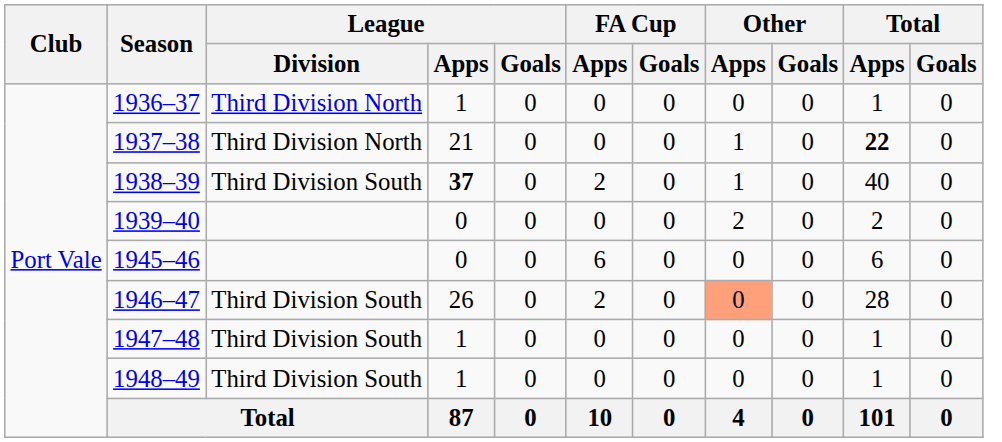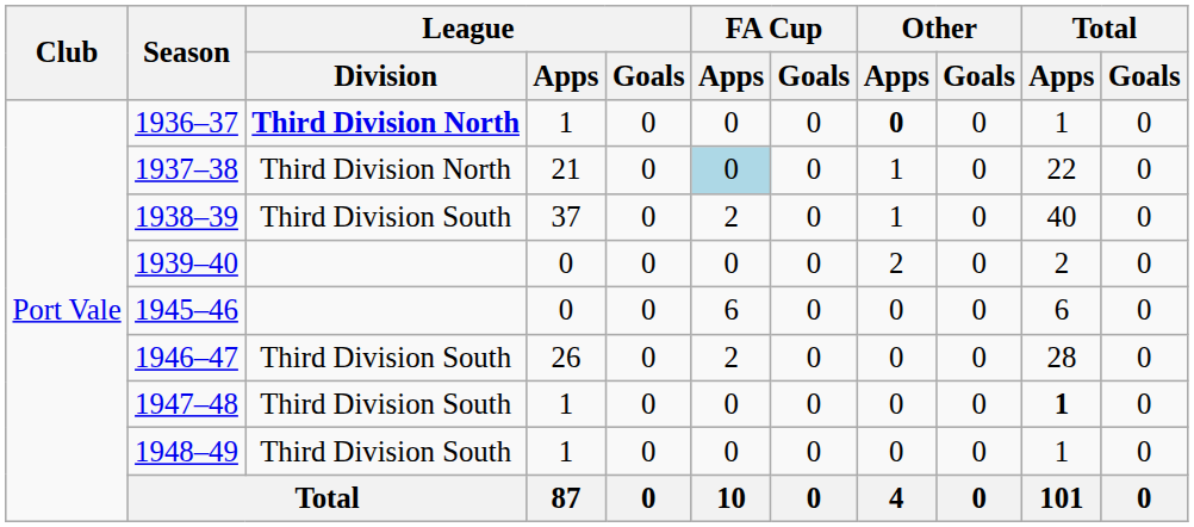 <table class="wikitable" style="text-align: center;">
 <tr>
 <th rowspan="2">Club</th>
 <th rowspan="2">Season</th>
 <th colspan="3">League</th>
 <th colspan="2">FA Cup</th>
 <th colspan="2">Other</th>
 <th colspan="2">Total</th>
 </tr>
 <tr>
 <th>Division</th>
 <th>Apps</th>
 <th>Goals</th>
 <th>Apps</th>
 <th>Goals</th>
 <th>Apps</th>
 <th>Goals</th>
 <th>Apps</th>
 <th>Goals</th>
 </tr>
 <tr>
 <td rowspan="9"><a href='#'>Port Vale</a></td>
 <td><a href='#'>1936–37</a></td>
-<td><a href='#'>Third Division North</a></td>
+<td><strong><a href='#'>Third Division North</a></strong></td>
 <td>1</td>
 <td>0</td>
 <td>0</td>
 <td>0</td>
-<td>0</td>
+<td><strong>0</strong></td>
 <td>0</td>
 <td>1</td>
 <td>0</td>
 </tr>
 <tr>
 <td><a href='#'>1937–38</a></td>
 <td>Third Division North</td>
 <td>21</td>
 <td>0</td>
-<td>0</td>
+<td style="background: lightblue;">0</td>
 <td>0</td>
 <td>1</td>
 <td>0</td>
-<td><strong>22</strong></td>
+<td>22</td>
 <td>0</td>
 </tr>
 <tr>
 <td><a href='#'>1938–39</a></td>
 <td>Third Division South</td>
-<td><strong>37</strong></td>
+<td>37</td>
 <td>0</td>
 <td>2</td>
 <td>0</td>
 <td>1</td>
 <td>0</td>
 <td>40</td>
 <td>0</td>
 </tr>
 <tr>
 <td><a href='#'>1939–40</a></td>
 <td></td>
 <td>0</td>
 <td>0</td>
 <td>0</td>
 <td>0</td>
 <td>2</td>
 <td>0</td>
 <td>2</td>
 <td>0</td>
 </tr>
 <tr>
 <td><a href='#'>1945–46</a></td>
 <td></td>
 <td>0</td>
 <td>0</td>
 <td>6</td>
 <td>0</td>
 <td>0</td>
 <td>0</td>
 <td>6</td>
 <td>0</td>
 </tr>
 <tr>
 <td><a href='#'>1946–47</a></td>
 <td>Third Division South</td>
 <td>26</td>
 <td>0</td>
 <td>2</td>
 <td>0</td>
-<td style="background: lightsalmon;">0</td>
+<td>0</td>
 <td>0</td>
 <td>28</td>
 <td>0</td>
 </tr>
 <tr>
 <td><a href='#'>1947–48</a></td>
 <td>Third Division South</td>
 <td>1</td>
 <td>0</td>
 <td>0</td>
 <td>0</td>
 <td>0</td>
 <td>0</td>
-<td>1</td>
+<td><strong>1</strong></td>
 <td>0</td>
 </tr>
 <tr>
 <td><a href='#'>1948–49</a></td>
 <td>Third Division South</td>
 <td>1</td>
 <td>0</td>
 <td>0</td>
 <td>0</td>
 <td>0</td>
 <td>0</td>
 <td>1</td>
 <td>0</td>
 </tr>
 <tr>
 <th colspan="2">Total</th>
 <th>87</th>
 <th>0</th>
 <th>10</th>
 <th>0</th>
 <th>4</th>
 <th>0</th>
 <th>101</th>
 <th>0</th>
 </tr>
 </table>
